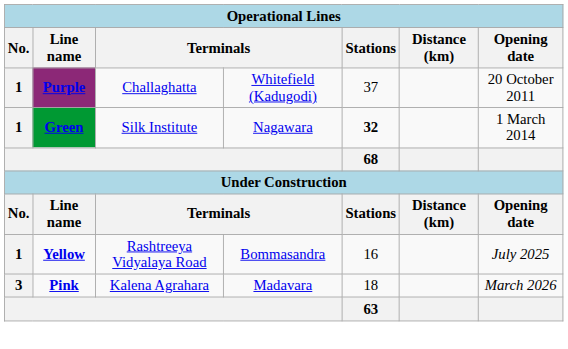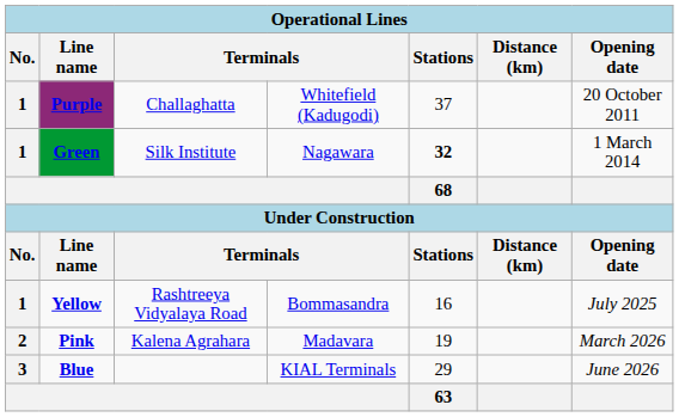 <table class="wikitable sortable" align="center" style="text-align:center; style="font-size:85%;margin:auto">
 <tr>
 <th colspan="7" style="background:#ADD8E6;">Operational Lines</th>
 </tr>
 <tr>
 <th>No.</th>
 <th>Line name</th>
 <th colspan="2">Terminals</th>
 <th>Stations</th>
 <th>Distance (km)</th>
 <th>Opening date</th>
 </tr>
 <tr>
 <th rowspan="1">1</th>
 <td rowspan="1" style="background:#8c2877; text-align: center;"><a href='#'><span><strong>Purple</strong></span></a></td>
 <td><a href='#'>Challaghatta</a></td>
 <td><a href='#'>Whitefield (Kadugodi)</a></td>
 <td style="text-align: center;">37</td>
 <td style="text-align: center;"></td>
 <td style="text-align:center;">20 October 2011</td>
 </tr>
 <tr>
 <th rowspan="1">1</th>
 <td rowspan="1" style="background:#009933; text-align: center;"><a href='#'><span><strong>Green</strong></span></a></td>
 <td><a href='#'>Silk Institute</a></td>
 <td><a href='#'>Nagawara</a></td>
 <td style="text-align: center;"><strong>32</strong></td>
 <td style="text-align: center;"></td>
 <td style="text-align:center;">1 March 2014</td>
 </tr>
 <tr>
 <th colspan="4"></th>
 <th>68</th>
 <th></th>
 <th></th>
 </tr>
 <tr>
 <th colspan="7" style="background:#ADD8E6;">Under Construction</th>
 </tr>
 <tr>
 <th>No.</th>
 <th>Line name</th>
 <th colspan="2">Terminals</th>
 <th>Stations</th>
 <th>Distance (km)</th>
 <th>Opening date</th>
 </tr>
 <tr>
 <th>1</th>
 <td rowspan="1" style="background:#"><a href='#'><span><strong>Yellow</strong></span></a></td>
 <td><a href='#'>Rashtreeya Vidyalaya Road</a></td>
 <td><a href='#'>Bommasandra</a></td>
 <td>16</td>
 <td></td>
 <td><em>July 2025</em></td>
 </tr>
 <tr>
-<th>3</th>
+<th>2</th>
 <td rowspan="1" style="background:#"><a href='#'><span><strong>Pink</strong></span></a></td>
 <td><a href='#'>Kalena Agrahara</a></td>
 <td><a href='#'>Madavara</a></td>
-<td>18</td>
+<td>19</td>
 <td></td>
 <td><em>March 2026</em></td>
+</tr>
+<tr>
+<th>3</th>
+<td rowspan="1" style="background:#"><a href='#'><span><strong>Blue</strong></span></a></td>
+<td></td>
+<td><a href='#'>KIAL Terminals</a></td>
+<td>29</td>
+<td></td>
+<td><em>June 2026</em></td>
 </tr>
 <tr>
 <th colspan="4"></th>
 <th>63</th>
 <th></th>
 <th></th>
 </tr>
 </table>
